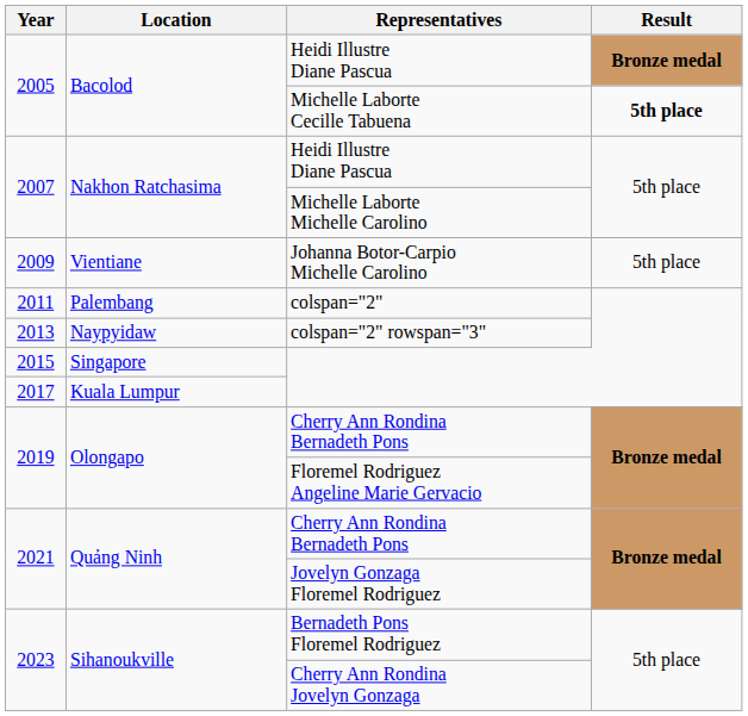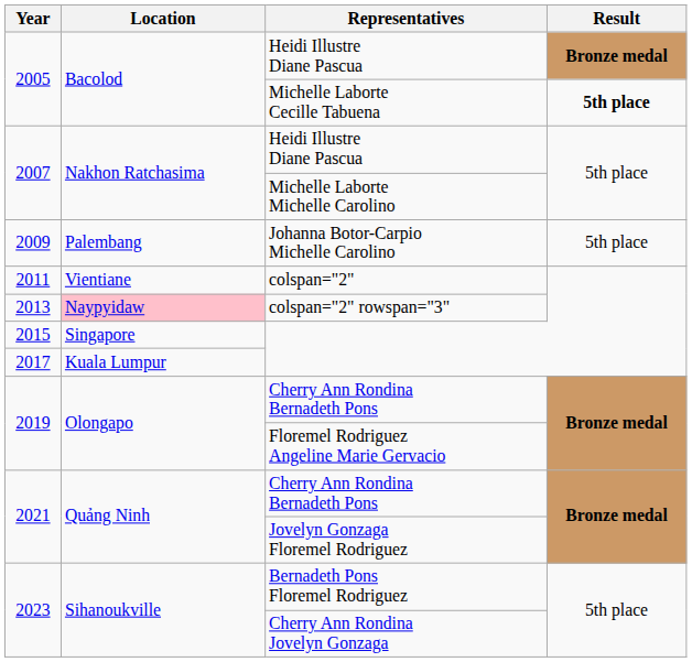 <table class="wikitable" style="font-size:100%; width:50%;">
 <tr>
 <th style= "align=center; width:10em;">Year</th>
 <th style= "align=center; width:65em;">Location</th>
 <th style= "align=center; width:100em;">Representatives</th>
 <th style= "align=center; width:50em;">Result</th>
 </tr>
 <tr>
 <td rowspan=2 align=center><a href='#'>2005</a></td>
 <td rowspan=2> <a href='#'>Bacolod</a></td>
 <td>Heidi Illustre <br> Diane Pascua</td>
 <td style="background:#CC9966;" align=center><strong>Bronze medal</strong></td>
 </tr>
 <tr>
 <td>Michelle Laborte <br> Cecille Tabuena</td>
 <td align=center><strong>5th place</strong></td>
 </tr>
 <tr>
 <td rowspan=2 align=center><a href='#'>2007</a></td>
 <td rowspan=2> <a href='#'>Nakhon Ratchasima</a></td>
 <td>Heidi Illustre <br> Diane Pascua</td>
 <td rowspan=2 align=center>5th place</td>
 </tr>
 <tr>
 <td>Michelle Laborte <br> Michelle Carolino</td>
 </tr>
 <tr>
 <td align=center><a href='#'>2009</a></td>
-<td> <a href='#'>Vientiane</a></td>
+<td> <a href='#'>Palembang</a></td>
 <td>Johanna Botor-Carpio <br> Michelle Carolino</td>
 <td align=center>5th place</td>
 </tr>
 <tr>
 <td align=center><a href='#'>2011</a></td>
-<td> <a href='#'>Palembang</a></td>
+<td> <a href='#'>Vientiane</a></td>
 <td>colspan="2" <small>  </small></td>
 </tr>
 <tr>
 <td align=center><a href='#'>2013</a></td>
-<td> <a href='#'>Naypyidaw</a></td>
+<td style="background: pink;"> <a href='#'>Naypyidaw</a></td>
 <td>colspan="2" rowspan="3" <small>  </small></td>
 </tr>
 <tr>
 <td align=center><a href='#'>2015</a></td>
 <td> <a href='#'>Singapore</a></td>
 </tr>
 <tr>
 <td align=center><a href='#'>2017</a></td>
 <td> <a href='#'>Kuala Lumpur</a></td>
 </tr>
 <tr>
 <td rowspan=2 align=center><a href='#'>2019</a></td>
 <td rowspan=2> <a href='#'>Olongapo</a></td>
 <td><a href='#'>Cherry Ann Rondina</a> <br> <a href='#'>Bernadeth Pons</a></td>
 <td rowspan=2  style="background:#CC9966;" align=center><strong>Bronze medal</strong></td>
 </tr>
 <tr>
 <td>Floremel Rodriguez <br> <a href='#'>Angeline Marie Gervacio</a></td>
 </tr>
 <tr>
 <td rowspan=2 align=center><a href='#'>2021</a></td>
 <td rowspan=2> <a href='#'>Quảng Ninh</a></td>
 <td><a href='#'>Cherry Ann Rondina</a> <br> <a href='#'>Bernadeth Pons</a></td>
 <td rowspan=2  style="background:#CC9966;" align=center><strong>Bronze medal</strong></td>
 </tr>
 <tr>
 <td><a href='#'>Jovelyn Gonzaga</a> <br> Floremel Rodriguez</td>
 </tr>
 <tr>
 <td rowspan=2 align=center><a href='#'>2023</a></td>
 <td rowspan=2> <a href='#'>Sihanoukville</a></td>
 <td><a href='#'>Bernadeth Pons</a> <br> Floremel Rodriguez</td>
 <td rowspan=2  align=center>5th place</td>
 </tr>
 <tr>
 <td><a href='#'>Cherry Ann Rondina</a><br> <a href='#'>Jovelyn Gonzaga</a></td>
 </tr>
 </table>
